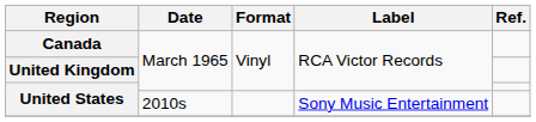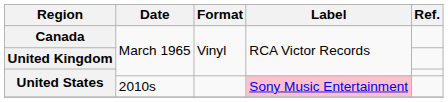 <table class="wikitable plainrowheaders">
 <tr>
 <th scope="col">Region</th>
 <th scope="col">Date</th>
 <th scope="col">Format</th>
 <th scope="col">Label</th>
 <th scope="col">Ref.</th>
 </tr>
 <tr>
 <th scope="row">Canada</th>
 <td rowspan="3">March 1965</td>
 <td rowspan="3">Vinyl</td>
 <td rowspan="3">RCA Victor Records</td>
 <td></td>
 </tr>
 <tr>
 <th scope="row">United Kingdom</th>
 <td></td>
 </tr>
 <tr>
 <th scope="row" rowspan="2">United States</th>
 <td></td>
 </tr>
 <tr>
 <td>2010s</td>
 <td></td>
-<td><a href='#'>Sony Music Entertainment</a></td>
+<td style="background: pink;"><a href='#'>Sony Music Entertainment</a></td>
 <td></td>
 </tr>
 <tr>
 </tr>
 </table>
